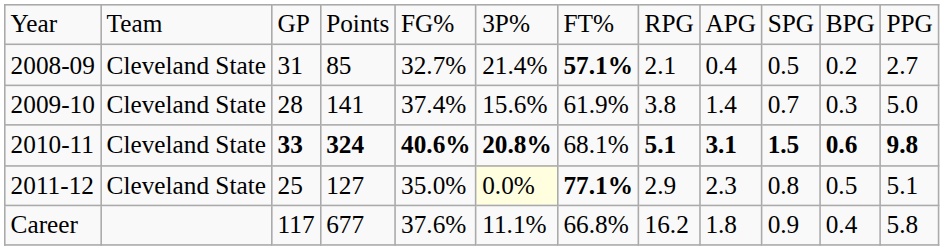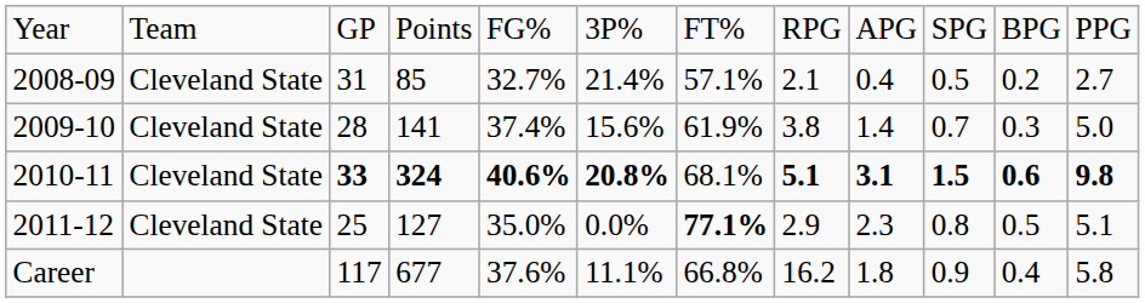 <table class="wikitable">
 <tr>
 <td>Year</td>
 <td>Team</td>
 <td>GP</td>
 <td>Points</td>
 <td>FG%</td>
 <td>3P%</td>
 <td>FT%</td>
 <td>RPG</td>
 <td>APG</td>
 <td>SPG</td>
 <td>BPG</td>
 <td>PPG</td>
 </tr>
 <tr>
 <td>2008-09</td>
 <td>Cleveland State</td>
 <td>31</td>
 <td>85</td>
 <td>32.7%</td>
 <td>21.4%</td>
-<td><strong>57.1%</strong></td>
+<td>57.1%</td>
 <td>2.1</td>
 <td>0.4</td>
 <td>0.5</td>
 <td>0.2</td>
 <td>2.7</td>
 </tr>
 <tr>
 <td>2009-10</td>
 <td>Cleveland State</td>
 <td>28</td>
 <td>141</td>
 <td>37.4%</td>
 <td>15.6%</td>
 <td>61.9%</td>
 <td>3.8</td>
 <td>1.4</td>
 <td>0.7</td>
 <td>0.3</td>
 <td>5.0</td>
 </tr>
 <tr>
 <td>2010-11</td>
 <td>Cleveland State</td>
 <td><strong>33</strong></td>
 <td><strong>324</strong></td>
 <td><strong>40.6%</strong></td>
 <td><strong>20.8%</strong></td>
 <td>68.1%</td>
 <td><strong>5.1</strong></td>
 <td><strong>3.1</strong></td>
 <td><strong>1.5</strong></td>
 <td><strong>0.6</strong></td>
 <td><strong>9.8</strong></td>
 </tr>
 <tr>
 <td>2011-12</td>
 <td>Cleveland State</td>
 <td>25</td>
 <td>127</td>
 <td>35.0%</td>
-<td style="background: lightyellow;">0.0%</td>
+<td>0.0%</td>
 <td><strong>77.1%</strong></td>
 <td>2.9</td>
 <td>2.3</td>
 <td>0.8</td>
 <td>0.5</td>
 <td>5.1</td>
 </tr>
 <tr>
 <td>Career</td>
 <td></td>
 <td>117</td>
 <td>677</td>
 <td>37.6%</td>
 <td>11.1%</td>
 <td>66.8%</td>
 <td>16.2</td>
 <td>1.8</td>
 <td>0.9</td>
 <td>0.4</td>
 <td>5.8</td>
 </tr>
 </table>
